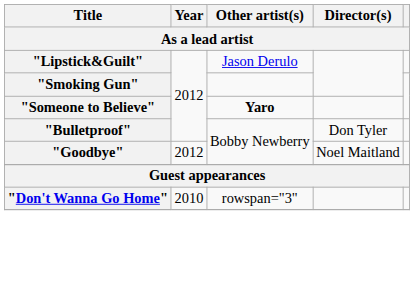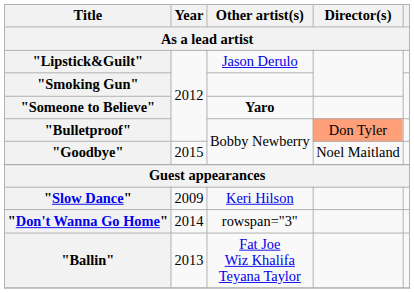 <table class="wikitable sortable plainrowheaders" style="text-align: center;">
 <tr>
 <th scope="col">Title</th>
 <th scope="col">Year</th>
 <th scope="col">Other artist(s)</th>
 <th scope="col">Director(s)</th>
 <th scope="col" class="unsortable"></th>
 </tr>
 <tr>
 <th scope="col" colspan="5">As a lead artist</th>
 </tr>
 <tr>
 <th scope="row">"Lipstick&Guilt"</th>
 <td rowspan="4">2012</td>
 <td><a href='#'>Jason Derulo</a></td>
 <td rowspan="2"> <br> </td>
 <td></td>
 </tr>
 <tr>
 <th scope="row">"Smoking Gun"</th>
 <td></td>
 </tr>
 <tr>
 <th scope="row">"Someone to Believe"</th>
 <td><strong>Yaro</strong></td>
 <td></td>
 </tr>
 <tr>
 <th scope="row">"Bulletproof"</th>
 <td rowspan="2">Bobby Newberry</td>
-<td>Don Tyler</td>
+<td style="background: lightsalmon;">Don Tyler</td>
 <td></td>
 </tr>
 <tr>
 <th scope="row">"Goodbye"</th>
-<td>2012</td>
+<td>2015</td>
 <td>Noel Maitland</td>
 <td></td>
 </tr>
 <tr>
 </tr>
 <tr>
 <th scope="col" colspan="5">Guest appearances</th>
 </tr>
 <tr>
+<th scope="row">"<a href='#'>Slow Dance</a>"</th>
+<td>2009</td>
+<td><a href='#'>Keri Hilson</a></td>
+<td></td>
+<td></td>
+</tr>
+<tr>
 <th scope="row">"<a href='#'>Don't Wanna Go Home</a>"</th>
-<td>2010</td>
+<td>2014</td>
 <td>rowspan="3" </td>
+<td></td>
+<td></td>
+</tr>
+<tr>
+<th scope="row">"Ballin"</th>
+<td>2013</td>
+<td><a href='#'>Fat Joe</a> <br> <a href='#'>Wiz Khalifa</a> <br> <a href='#'>Teyana Taylor</a></td>
 <td></td>
 <td></td>
 </tr>
 <tr>
 </tr>
 </table>
